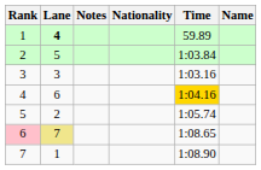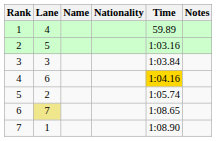 <table class="wikitable sortable" style="text-align:center">
 <tr>
 <th>Rank</th>
 <th>Lane</th>
-<th>Notes</th>
+<th>Name</th>
 <th>Nationality</th>
 <th>Time</th>
-<th>Name</th>
+<th>Notes</th>
 </tr>
 <tr bgcolor=ccffcc>
 <td>1</td>
-<td><strong>4</strong></td>
-<td><strong></strong> <strong></strong></td>
+<td>4</td>
+<td align=left></td>
 <td align=left></td>
 <td>59.89</td>
-<td align=left></td>
+<td><strong></strong> <strong></strong></td>
 </tr>
 <tr bgcolor=ccffcc>
 <td>2</td>
 <td>5</td>
+<td align=left></td>
+<td align=left></td>
+<td>1:03.16</td>
 <td><strong></strong></td>
-<td align=left></td>
-<td>1:03.84</td>
-<td align=left></td>
 </tr>
 <tr>
 <td>3</td>
 <td>3</td>
+<td align=left></td>
+<td align=left></td>
+<td>1:03.84</td>
 <td></td>
-<td align=left></td>
-<td>1:03.16</td>
-<td align=left></td>
 </tr>
 <tr>
 <td>4</td>
 <td>6</td>
-<td></td>
+<td align=left></td>
 <td align=left></td>
 <td style="background: gold;">1:04.16</td>
-<td align=left></td>
+<td></td>
 </tr>
 <tr>
 <td>5</td>
 <td>2</td>
-<td></td>
+<td align=left></td>
 <td align=left></td>
 <td>1:05.74</td>
-<td align=left></td>
+<td></td>
 </tr>
 <tr>
-<td style="background: pink;">6</td>
+<td>6</td>
 <td style="background: khaki;">7</td>
-<td></td>
+<td align=left></td>
 <td align=left></td>
 <td>1:08.65</td>
-<td align=left></td>
+<td></td>
 </tr>
 <tr>
 <td>7</td>
 <td>1</td>
-<td></td>
+<td align=left></td>
 <td align=left></td>
 <td>1:08.90</td>
-<td align=left></td>
+<td></td>
 </tr>
 </table>
